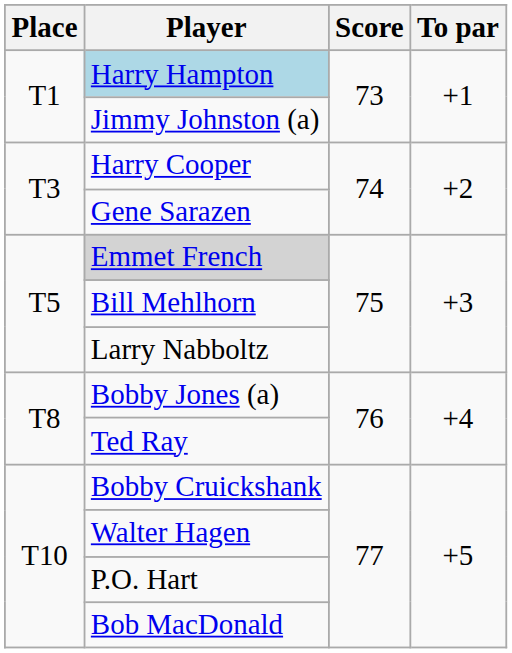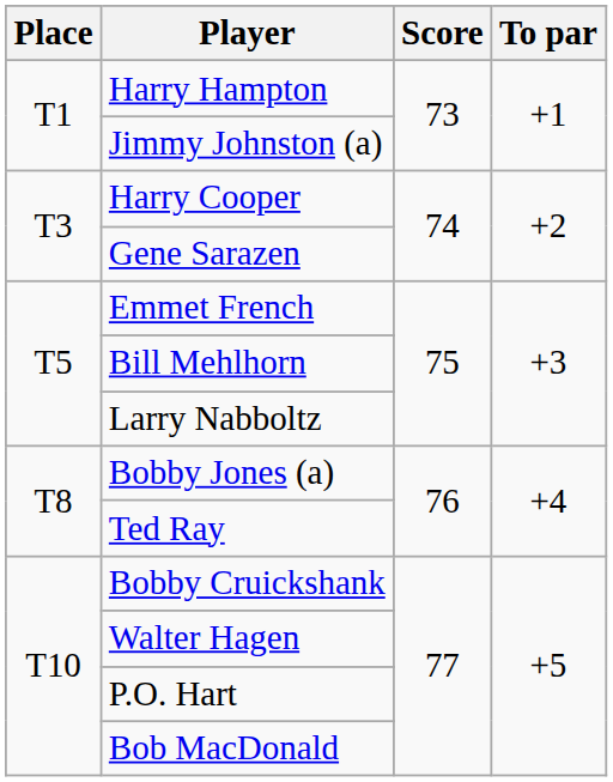 <table class=wikitable>
 <tr>
 <th>Place</th>
 <th>Player</th>
 <th>Score</th>
 <th>To par</th>
 </tr>
 <tr>
 <td rowspan=2 align=center>T1</td>
-<td style="background: lightblue;"> <a href='#'>Harry Hampton</a></td>
+<td> <a href='#'>Harry Hampton</a></td>
 <td rowspan=2 align=center>73</td>
 <td rowspan=2 align=center>+1</td>
 </tr>
 <tr>
 <td> <a href='#'>Jimmy Johnston</a> (a)</td>
 </tr>
 <tr>
 <td rowspan=2 align=center>T3</td>
 <td> <a href='#'>Harry Cooper</a></td>
 <td rowspan=2 align=center>74</td>
 <td rowspan=2 align=center>+2</td>
 </tr>
 <tr>
 <td> <a href='#'>Gene Sarazen</a></td>
 </tr>
 <tr>
 <td rowspan=3 align=center>T5</td>
-<td style="background: lightgrey;"> <a href='#'>Emmet French</a></td>
+<td> <a href='#'>Emmet French</a></td>
 <td rowspan=3 align=center>75</td>
 <td rowspan=3 align=center>+3</td>
 </tr>
 <tr>
 <td> <a href='#'>Bill Mehlhorn</a></td>
 </tr>
 <tr>
 <td> Larry Nabboltz</td>
 </tr>
 <tr>
 <td rowspan=2 align=center>T8</td>
 <td> <a href='#'>Bobby Jones</a> (a)</td>
 <td rowspan=2 align=center>76</td>
 <td rowspan=2 align=center>+4</td>
 </tr>
 <tr>
 <td> <a href='#'>Ted Ray</a></td>
 </tr>
 <tr>
 <td rowspan=4 align=center>T10</td>
 <td> <a href='#'>Bobby Cruickshank</a></td>
 <td rowspan=4 align=center>77</td>
 <td rowspan=4 align=center>+5</td>
 </tr>
 <tr>
 <td> <a href='#'>Walter Hagen</a></td>
 </tr>
 <tr>
 <td> P.O. Hart</td>
 </tr>
 <tr>
 <td> <a href='#'>Bob MacDonald</a></td>
 </tr>
 </table>
